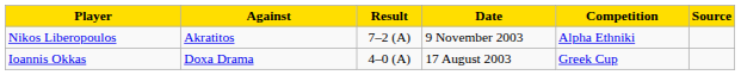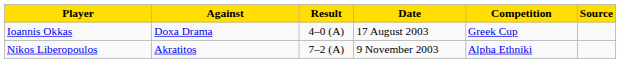 <table class="wikitable">
 <tr>
 <th width=200 style="background:#FFDE00">Player</th>
 <th width=200 style="background:#FFDE00">Against</th>
 <th width=70 style="background:#FFDE00">Result</th>
 <th width=150 style="background:#FFDE00">Date</th>
 <th width=150 style="background:#FFDE00">Competition</th>
 <th style="background:#FFDE00">Source</th>
 </tr>
 <tr>
+<td> <a href='#'>Ioannis Okkas</a></td>
+<td> <a href='#'>Doxa Drama</a></td>
+<td align=center>4–0 (A)</td>
+<td>17 August 2003</td>
+<td><a href='#'>Greek Cup</a></td>
+<td align=center></td>
+</tr>
+<tr>
 <td> <a href='#'>Nikos Liberopoulos</a></td>
 <td> <a href='#'>Akratitos</a></td>
 <td align=center>7–2 (A)</td>
 <td>9 November 2003</td>
 <td><a href='#'>Alpha Ethniki</a></td>
 <td align=center></td>
 </tr>
-<tr>
-<td> <a href='#'>Ioannis Okkas</a></td>
-<td> <a href='#'>Doxa Drama</a></td>
-<td align=center>4–0 (A)</td>
-<td>17 August 2003</td>
-<td><a href='#'>Greek Cup</a></td>
-<td align=center></td>
-</tr>
 </table>
